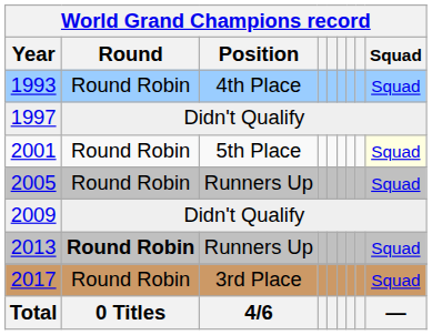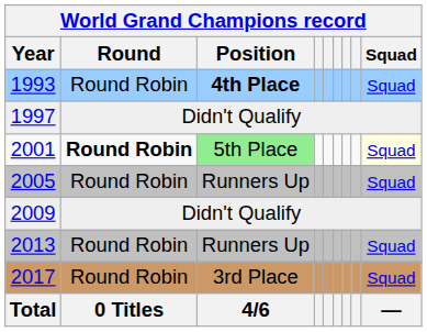 <table class="wikitable" style="text-align: center;">
 <tr>
 <th colspan=9><a href='#'>World Grand Champions record</a></th>
 </tr>
 <tr>
 <th>Year</th>
 <th>Round</th>
 <th>Position</th>
 <th></th>
 <th></th>
 <th></th>
 <th></th>
 <th></th>
 <th><small>Squad</small></th>
 </tr>
 <tr bgcolor=#9acdff>
 <td> <a href='#'>1993</a></td>
 <td>Round Robin</td>
-<td>4th Place</td>
+<td><strong>4th Place</strong></td>
 <td></td>
 <td></td>
 <td></td>
 <td></td>
 <td></td>
 <td><small><a href='#'>Squad</a></small></td>
 </tr>
 <tr bgcolor="efefef">
 <td> <a href='#'>1997</a></td>
 <td colspan=8>Didn't Qualify</td>
 </tr>
 <tr>
 <td> <a href='#'>2001</a></td>
-<td>Round Robin</td>
-<td>5th Place</td>
+<td><strong>Round Robin</strong></td>
+<td style="background: lightgreen;">5th Place</td>
 <td></td>
 <td></td>
 <td></td>
 <td></td>
 <td></td>
 <td style="background: lightyellow;"><small><a href='#'>Squad</a></small></td>
 </tr>
 <tr bgcolor=silver>
 <td> <a href='#'>2005</a></td>
 <td>Round Robin</td>
 <td>Runners Up</td>
 <td></td>
 <td></td>
 <td></td>
 <td></td>
 <td></td>
 <td><small><a href='#'>Squad</a></small></td>
 </tr>
 <tr bgcolor="efefef">
 <td> <a href='#'>2009</a></td>
 <td colspan=8>Didn't Qualify</td>
 </tr>
 <tr bgcolor=silver>
 <td> <a href='#'>2013</a></td>
-<td><strong>Round Robin</strong></td>
+<td>Round Robin</td>
 <td>Runners Up</td>
 <td></td>
 <td></td>
 <td></td>
 <td></td>
 <td></td>
 <td><small><a href='#'>Squad</a></small></td>
 </tr>
 <tr>
 </tr>
 <tr bgcolor=#cc9966>
 <td> <a href='#'>2017</a></td>
 <td>Round Robin</td>
 <td>3rd Place</td>
 <td></td>
 <td></td>
 <td></td>
 <td></td>
 <td></td>
 <td><small><a href='#'>Squad</a></small></td>
 </tr>
 <tr>
 <th>Total</th>
 <th>0 Titles</th>
 <th>4/6</th>
 <th></th>
 <th></th>
 <th></th>
 <th></th>
 <th></th>
 <th>—</th>
 </tr>
 </table>
